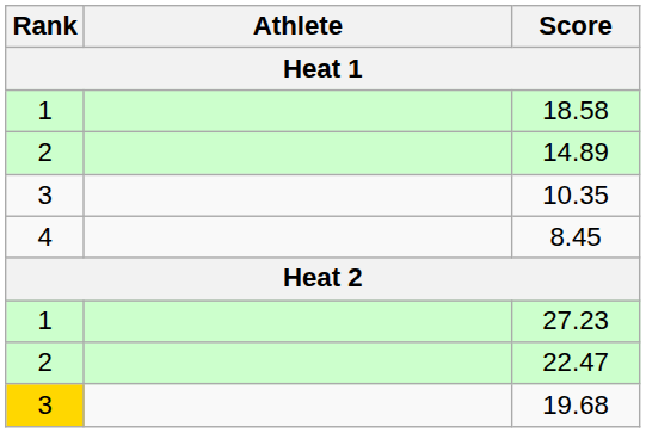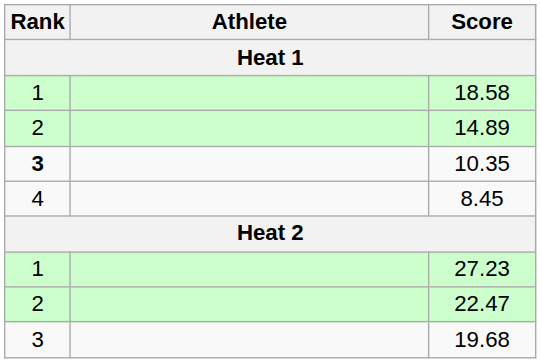 <table class=wikitable style="text-align:center">
 <tr>
 <th width=40>Rank</th>
 <th width=250>Athlete</th>
 <th width=70>Score</th>
 </tr>
 <tr>
 <th colspan=3>Heat 1</th>
 </tr>
 <tr bgcolor="ccffcc">
 <td>1</td>
 <td align=left></td>
 <td>18.58</td>
 </tr>
 <tr bgcolor="ccffcc">
 <td>2</td>
 <td align=left></td>
 <td>14.89</td>
 </tr>
 <tr>
-<td>3</td>
+<td><strong>3</strong></td>
 <td align=left></td>
 <td>10.35</td>
 </tr>
 <tr>
 <td>4</td>
 <td align=left></td>
 <td>8.45</td>
 </tr>
 <tr>
 <th colspan=3>Heat 2</th>
 </tr>
 <tr bgcolor="ccffcc">
 <td>1</td>
 <td align=left></td>
 <td>27.23</td>
 </tr>
 <tr bgcolor="ccffcc">
 <td>2</td>
 <td align=left></td>
 <td>22.47</td>
 </tr>
 <tr>
-<td style="background: gold;">3</td>
+<td>3</td>
 <td align=left></td>
 <td>19.68</td>
 </tr>
 </table>
